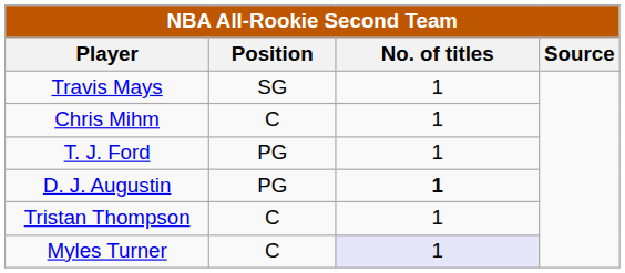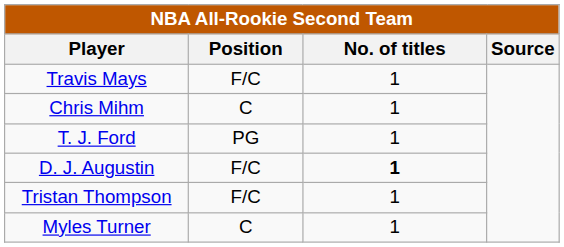 <table class="wikitable" style="text-align:center">
 <tr>
 <td colspan="5" style= "background: #BF5700; color:white"><strong>NBA All-Rookie Second Team</strong></td>
 </tr>
 <tr>
 <th style="width:150px; ">Player</th>
 <th style="width:90px; ">Position</th>
 <th style="width:150px; ">No. of titles</th>
 <th style="width:50px; ">Source</th>
 </tr>
 <tr>
 <td><a href='#'>Travis Mays</a></td>
-<td>SG</td>
+<td>F/C</td>
 <td>1</td>
 <td rowspan="6"></td>
 </tr>
 <tr>
 <td><a href='#'>Chris Mihm</a></td>
 <td>C</td>
 <td>1</td>
 </tr>
 <tr>
 <td><a href='#'>T. J. Ford</a></td>
 <td>PG</td>
 <td>1</td>
 </tr>
 <tr>
 <td><a href='#'>D. J. Augustin</a></td>
-<td>PG</td>
+<td>F/C</td>
 <td><strong>1</strong></td>
 </tr>
 <tr>
 <td><a href='#'>Tristan Thompson</a></td>
-<td>C</td>
+<td>F/C</td>
 <td>1</td>
 </tr>
 <tr>
 <td><a href='#'>Myles Turner</a></td>
 <td>C</td>
-<td style="background: lavender;">1</td>
+<td>1</td>
 </tr>
 </table>
